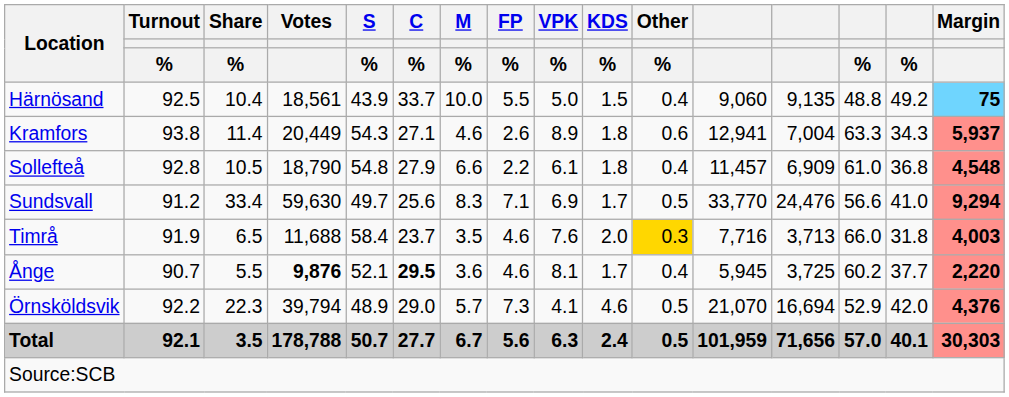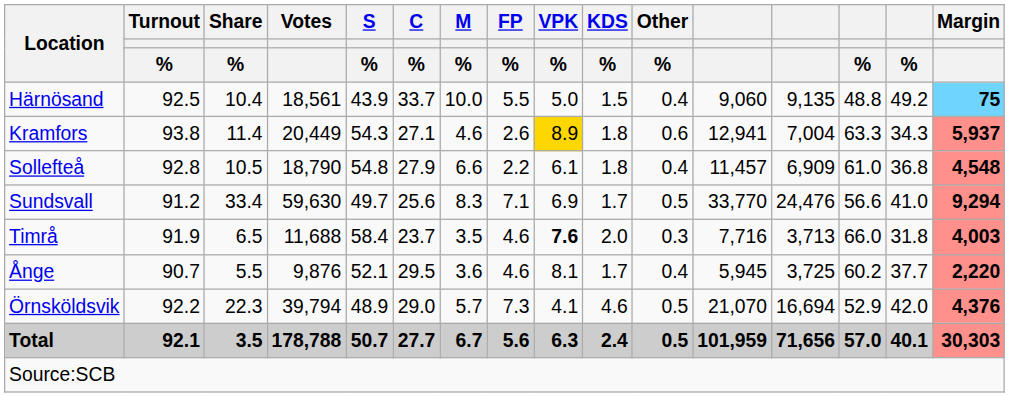 <table class="wikitable sortable" style="text-align:right; font-size:95%; line-height:20px;">
 <tr>
 <th rowspan="3">Location</th>
 <th>Turnout</th>
 <th>Share</th>
 <th>Votes</th>
 <th width="30px" class="unsortable"><a href='#'>S</a></th>
 <th width="30px" class="unsortable"><a href='#'>C</a></th>
 <th width="30px" class="unsortable"><a href='#'>M</a></th>
 <th width="30px" class="unsortable"><a href='#'>FP</a></th>
 <th width="30px" class="unsortable"><a href='#'>VPK</a></th>
 <th width="30px" class="unsortable"><a href='#'>KDS</a></th>
 <th width="30px" class="unsortable">Other</th>
 <th></th>
 <th></th>
 <th></th>
 <th></th>
 <th>Margin</th>
 </tr>
 <tr>
 <th></th>
 <th></th>
 <th></th>
 <th style="background:"></th>
 <th style="background:"></th>
 <th style="background:"></th>
 <th style="background:"></th>
 <th style="background:"></th>
 <th style="background:"></th>
 <th style="background:"></th>
 <th style="background:"></th>
 <th style="background:"></th>
 <th style="background:"></th>
 <th style="background:"></th>
 <th></th>
 </tr>
 <tr>
 <th data-sort-type="number">%</th>
 <th data-sort-type="number">%</th>
 <th></th>
 <th data-sort-type="number">%</th>
 <th data-sort-type="number">%</th>
 <th data-sort-type="number">%</th>
 <th data-sort-type="number">%</th>
 <th data-sort-type="number">%</th>
 <th data-sort-type="number">%</th>
 <th data-sort-type="number">%</th>
 <th data-sort-type="number"></th>
 <th data-sort-type="number"></th>
 <th data-sort-type="number">%</th>
 <th data-sort-type="number">%</th>
 <th data-sort-type="number"></th>
 </tr>
 <tr>
 <td align=left><a href='#'>Härnösand</a></td>
 <td>92.5</td>
 <td>10.4</td>
 <td>18,561</td>
 <td>43.9</td>
 <td>33.7</td>
 <td>10.0</td>
 <td>5.5</td>
 <td>5.0</td>
 <td>1.5</td>
 <td>0.4</td>
 <td>9,060</td>
 <td>9,135</td>
 <td>48.8</td>
 <td>49.2</td>
 <td bgcolor=#6fd5fe><strong>75</strong></td>
 </tr>
 <tr>
 <td align=left><a href='#'>Kramfors</a></td>
 <td>93.8</td>
 <td>11.4</td>
 <td>20,449</td>
 <td>54.3</td>
 <td>27.1</td>
 <td>4.6</td>
 <td>2.6</td>
-<td>8.9</td>
+<td style="background: gold;">8.9</td>
 <td>1.8</td>
 <td>0.6</td>
 <td>12,941</td>
 <td>7,004</td>
 <td>63.3</td>
 <td>34.3</td>
 <td bgcolor=#ff908c><strong>5,937</strong></td>
 </tr>
 <tr>
 <td align=left><a href='#'>Sollefteå</a></td>
 <td>92.8</td>
 <td>10.5</td>
 <td>18,790</td>
 <td>54.8</td>
 <td>27.9</td>
 <td>6.6</td>
 <td>2.2</td>
 <td>6.1</td>
 <td>1.8</td>
 <td>0.4</td>
 <td>11,457</td>
 <td>6,909</td>
 <td>61.0</td>
 <td>36.8</td>
 <td bgcolor=#ff908c><strong>4,548</strong></td>
 </tr>
 <tr>
 <td align=left><a href='#'>Sundsvall</a></td>
 <td>91.2</td>
 <td>33.4</td>
 <td>59,630</td>
 <td>49.7</td>
 <td>25.6</td>
 <td>8.3</td>
 <td>7.1</td>
 <td>6.9</td>
 <td>1.7</td>
 <td>0.5</td>
 <td>33,770</td>
 <td>24,476</td>
 <td>56.6</td>
 <td>41.0</td>
 <td bgcolor=#ff908c><strong>9,294</strong></td>
 </tr>
 <tr>
 <td align=left><a href='#'>Timrå</a></td>
 <td>91.9</td>
 <td>6.5</td>
 <td>11,688</td>
 <td>58.4</td>
 <td>23.7</td>
 <td>3.5</td>
 <td>4.6</td>
-<td>7.6</td>
+<td><strong>7.6</strong></td>
 <td>2.0</td>
-<td style="background: gold;">0.3</td>
+<td>0.3</td>
 <td>7,716</td>
 <td>3,713</td>
 <td>66.0</td>
 <td>31.8</td>
 <td bgcolor=#ff908c><strong>4,003</strong></td>
 </tr>
 <tr>
 <td align=left><a href='#'>Ånge</a></td>
 <td>90.7</td>
 <td>5.5</td>
-<td><strong>9,876</strong></td>
+<td>9,876</td>
 <td>52.1</td>
-<td><strong>29.5</strong></td>
+<td>29.5</td>
 <td>3.6</td>
 <td>4.6</td>
 <td>8.1</td>
 <td>1.7</td>
 <td>0.4</td>
 <td>5,945</td>
 <td>3,725</td>
 <td>60.2</td>
 <td>37.7</td>
 <td bgcolor=#ff908c><strong>2,220</strong></td>
 </tr>
 <tr>
 <td align=left><a href='#'>Örnsköldsvik</a></td>
 <td>92.2</td>
 <td>22.3</td>
 <td>39,794</td>
 <td>48.9</td>
 <td>29.0</td>
 <td>5.7</td>
 <td>7.3</td>
 <td>4.1</td>
 <td>4.6</td>
 <td>0.5</td>
 <td>21,070</td>
 <td>16,694</td>
 <td>52.9</td>
 <td>42.0</td>
 <td bgcolor=#ff908c><strong>4,376</strong></td>
 </tr>
 <tr style="background:#CDCDCD;">
 <td align=left><strong>Total</strong></td>
 <td><strong>92.1</strong></td>
 <td><strong>3.5</strong></td>
 <td><strong>178,788</strong></td>
 <td><strong>50.7</strong></td>
 <td><strong>27.7</strong></td>
 <td><strong>6.7</strong></td>
 <td><strong>5.6</strong></td>
 <td><strong>6.3</strong></td>
 <td><strong>2.4</strong></td>
 <td><strong>0.5</strong></td>
 <td><strong>101,959</strong></td>
 <td><strong>71,656</strong></td>
 <td><strong>57.0</strong></td>
 <td><strong>40.1</strong></td>
 <td bgcolor=#ff908c><strong>30,303</strong></td>
 </tr>
 <tr>
 <td align=left colspan=16>Source:SCB </td>
 </tr>
 </table>
